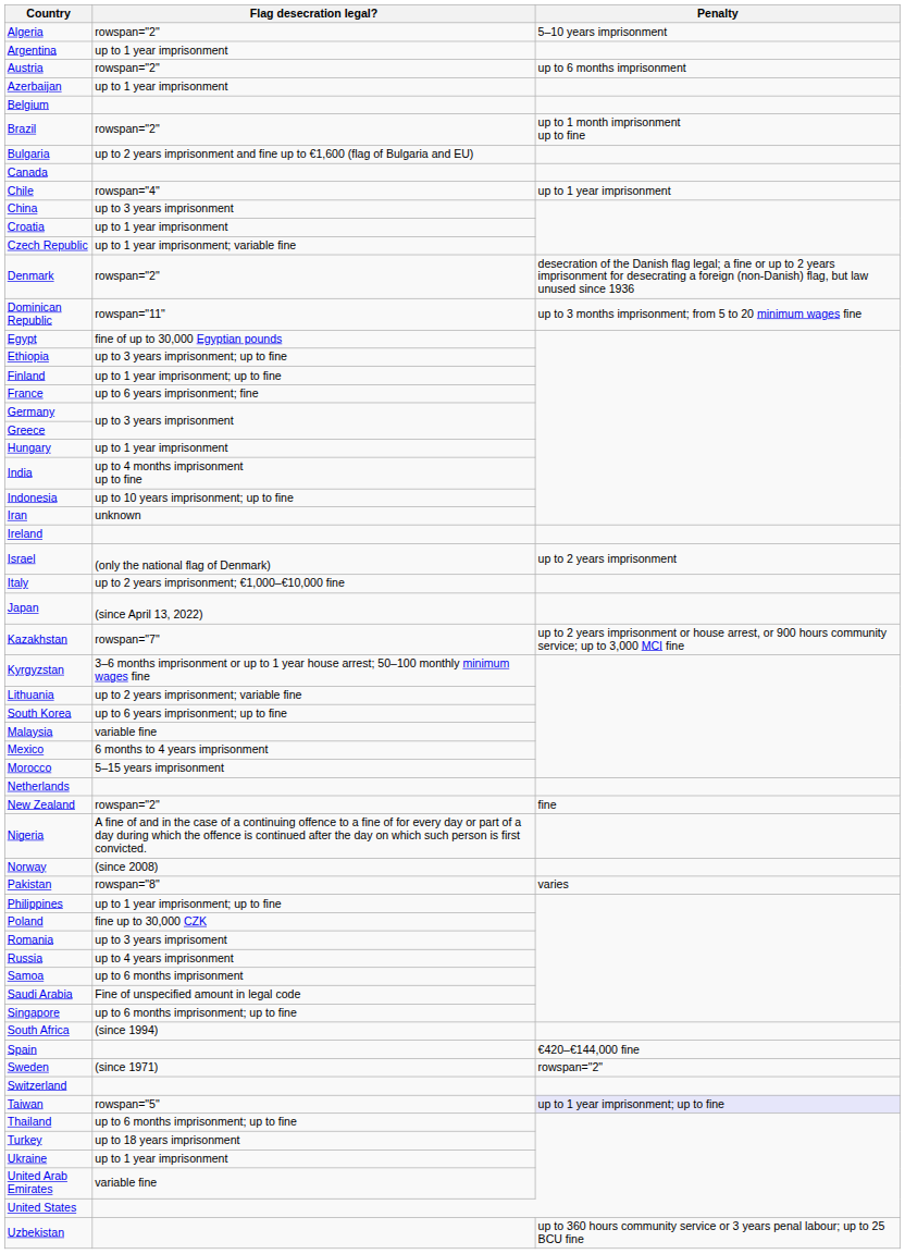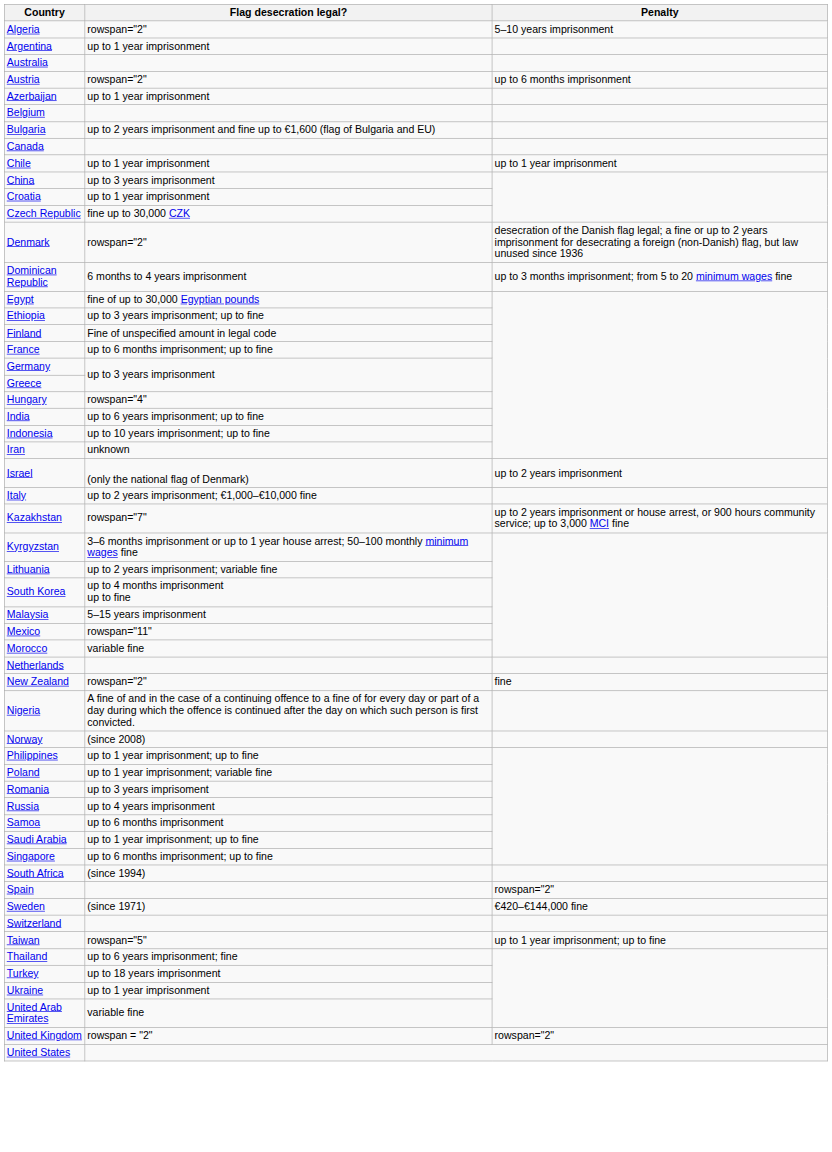 <table class="wikitable sortable">
 <tr>
 <th>Country</th>
 <th>Flag desecration legal?</th>
 <th>Penalty</th>
 </tr>
 <tr>
 <td> <a href='#'>Algeria</a></td>
 <td>rowspan="2" </td>
 <td>5–10 years imprisonment</td>
 </tr>
 <tr>
 <td> <a href='#'>Argentina</a></td>
 <td>up to 1 year imprisonment</td>
 </tr>
 <tr>
+<td> <a href='#'>Australia</a></td>
+<td></td>
+<td></td>
+</tr>
+<tr>
 <td> <a href='#'>Austria</a></td>
 <td>rowspan="2" </td>
 <td>up to 6 months imprisonment</td>
 </tr>
 <tr>
 <td> <a href='#'>Azerbaijan</a></td>
 <td>up to 1 year imprisonment</td>
 </tr>
 <tr>
 <td> <a href='#'>Belgium</a></td>
 <td></td>
 <td></td>
 </tr>
 <tr>
-<td> <a href='#'>Brazil</a></td>
-<td>rowspan="2" </td>
-<td>up to 1 month imprisonment<br>up to  fine</td>
-</tr>
-<tr>
 <td> <a href='#'>Bulgaria</a></td>
 <td>up to 2 years imprisonment and fine up to €1,600 (flag of Bulgaria and EU)</td>
 </tr>
 <tr>
 <td> <a href='#'>Canada</a></td>
 <td></td>
 <td></td>
 </tr>
 <tr>
 <td> <a href='#'>Chile</a></td>
-<td>rowspan="4" </td>
+<td>up to 1 year imprisonment</td>
 <td>up to 1 year imprisonment</td>
 </tr>
 <tr>
 <td> <a href='#'>China</a></td>
 <td>up to 3 years imprisonment</td>
 </tr>
 <tr>
 <td> <a href='#'>Croatia</a></td>
 <td>up to 1 year imprisonment</td>
 </tr>
 <tr>
 <td> <a href='#'>Czech Republic</a></td>
-<td>up to 1 year imprisonment; variable fine</td>
+<td>fine up to 30,000 <a href='#'>CZK</a></td>
 </tr>
 <tr>
 <td> <a href='#'>Denmark</a></td>
 <td>rowspan="2" </td>
 <td>desecration of the Danish flag legal; a fine or up to 2 years imprisonment for desecrating a foreign (non-Danish) flag, but law unused since 1936</td>
 </tr>
 <tr>
 <td> <a href='#'>Dominican Republic</a></td>
-<td>rowspan="11" </td>
+<td>6 months to 4 years imprisonment</td>
 <td>up to 3 months imprisonment; from 5 to 20 <a href='#'>minimum wages</a> fine</td>
 </tr>
 <tr>
 <td> <a href='#'>Egypt</a></td>
 <td>fine of up to 30,000 <a href='#'>Egyptian pounds</a></td>
 </tr>
 <tr>
 <td> <a href='#'>Ethiopia</a></td>
 <td>up to 3 years imprisonment; up to  fine</td>
 </tr>
 <tr>
 <td> <a href='#'>Finland</a></td>
-<td>up to 1 year imprisonment; up to  fine</td>
+<td>Fine of unspecified amount in legal code</td>
 </tr>
 <tr>
 <td> <a href='#'>France</a></td>
-<td>up to 6 years imprisonment;  fine</td>
+<td>up to 6 months imprisonment; up to  fine</td>
 </tr>
 <tr>
 <td> <a href='#'>Germany</a></td>
 <td rowspan="2">up to 3 years imprisonment</td>
 </tr>
 <tr>
 <td> <a href='#'>Greece</a></td>
 </tr>
 <tr>
 <td> <a href='#'>Hungary</a></td>
-<td>up to 1 year imprisonment</td>
+<td>rowspan="4" </td>
 </tr>
 <tr>
 <td> <a href='#'>India</a></td>
-<td>up to 4 months imprisonment<br>up to  fine</td>
+<td>up to 6 years imprisonment; up to  fine</td>
 </tr>
 <tr>
 <td> <a href='#'>Indonesia</a></td>
 <td>up to 10 years imprisonment; up to  fine</td>
 </tr>
 <tr>
 <td> <a href='#'>Iran</a></td>
 <td>unknown</td>
 </tr>
 <tr>
-<td> <a href='#'>Ireland</a></td>
-<td></td>
-<td></td>
-</tr>
-<tr>
 <td> <a href='#'>Israel</a></td>
 <td><br>(only the national flag of Denmark)</td>
 <td>up to 2 years imprisonment</td>
 </tr>
 <tr>
 <td> <a href='#'>Italy</a></td>
 <td>up to 2 years imprisonment; €1,000–€10,000 fine</td>
-</tr>
-<tr>
-<td> <a href='#'>Japan</a></td>
-<td><br>(since April 13, 2022)</td>
-<td></td>
 </tr>
 <tr>
 <td> <a href='#'>Kazakhstan</a></td>
 <td>rowspan="7" </td>
 <td>up to 2 years imprisonment or house arrest, or 900 hours community service; up to 3,000 <a href='#'>MCI</a> fine</td>
 </tr>
 <tr>
 <td> <a href='#'>Kyrgyzstan</a></td>
 <td>3–6 months imprisonment or up to 1 year house arrest; 50–100 monthly <a href='#'>minimum wages</a> fine</td>
 </tr>
 <tr>
 <td> <a href='#'>Lithuania</a></td>
 <td>up to 2 years imprisonment; variable fine</td>
 </tr>
 <tr>
 <td> <a href='#'>South Korea</a></td>
-<td>up to 6 years imprisonment; up to  fine</td>
+<td>up to 4 months imprisonment<br>up to  fine</td>
 </tr>
 <tr>
 <td> <a href='#'>Malaysia</a></td>
-<td>variable fine</td>
+<td>5–15 years imprisonment</td>
 </tr>
 <tr>
 <td> <a href='#'>Mexico</a></td>
-<td>6 months to 4 years imprisonment</td>
+<td>rowspan="11" </td>
 </tr>
 <tr>
 <td> <a href='#'>Morocco</a></td>
-<td>5–15 years imprisonment</td>
+<td>variable fine</td>
 </tr>
 <tr>
 <td> <a href='#'>Netherlands</a></td>
 <td></td>
 <td></td>
 </tr>
 <tr>
 <td> <a href='#'>New Zealand</a></td>
 <td>rowspan="2" </td>
 <td> fine</td>
 </tr>
 <tr>
 <td> <a href='#'>Nigeria</a></td>
 <td>A fine of  and in the case of a continuing offence to a fine of  for every day or part of a day during which the offence is continued after the day on which such person is first convicted.</td>
 </tr>
 <tr>
 <td> <a href='#'>Norway</a></td>
 <td> (since 2008)</td>
 <td></td>
 </tr>
 <tr>
-<td> <a href='#'>Pakistan</a></td>
-<td>rowspan="8" </td>
-<td>varies</td>
-</tr>
-<tr>
 <td> <a href='#'>Philippines</a></td>
 <td>up to 1 year imprisonment; up to  fine</td>
 </tr>
 <tr>
 <td> <a href='#'>Poland</a></td>
-<td>fine up to 30,000 <a href='#'>CZK</a></td>
+<td>up to 1 year imprisonment; variable fine</td>
 </tr>
 <tr>
 <td> <a href='#'>Romania</a></td>
 <td>up to 3 years imprisoment</td>
 </tr>
 <tr>
 <td> <a href='#'>Russia</a></td>
 <td>up to 4 years imprisonment</td>
 </tr>
 <tr>
 <td> <a href='#'>Samoa</a></td>
 <td>up to 6 months imprisonment</td>
 </tr>
 <tr>
 <td> <a href='#'>Saudi Arabia</a></td>
-<td>Fine of unspecified amount in legal code</td>
+<td>up to 1 year imprisonment; up to  fine</td>
 </tr>
 <tr>
 <td> <a href='#'>Singapore</a></td>
 <td>up to 6 months imprisonment; up to  fine</td>
 </tr>
 <tr>
 <td> <a href='#'>South Africa</a></td>
 <td> (since 1994)</td>
 <td></td>
 </tr>
 <tr>
 <td> <a href='#'>Spain</a></td>
 <td></td>
-<td>€420–€144,000  fine</td>
+<td>rowspan="2" </td>
 </tr>
 <tr>
 <td> <a href='#'>Sweden</a></td>
 <td> (since 1971)</td>
-<td>rowspan="2" </td>
+<td>€420–€144,000  fine</td>
 </tr>
 <tr>
 <td> <a href='#'>Switzerland</a></td>
 <td></td>
 </tr>
 <tr>
 <td> <a href='#'>Taiwan</a></td>
 <td>rowspan="5" </td>
-<td style="background: lavender;">up to 1 year imprisonment; up to  fine</td>
+<td>up to 1 year imprisonment; up to  fine</td>
 </tr>
 <tr>
 <td> <a href='#'>Thailand</a></td>
-<td>up to 6 months imprisonment; up to  fine</td>
+<td>up to 6 years imprisonment;  fine</td>
 </tr>
 <tr>
 <td> <a href='#'>Turkey</a></td>
 <td>up to 18 years imprisonment</td>
 </tr>
 <tr>
 <td> <a href='#'>Ukraine</a></td>
 <td>up to 1 year imprisonment</td>
 </tr>
 <tr>
 <td> <a href='#'>United Arab Emirates</a></td>
 <td>variable fine</td>
 </tr>
 <tr>
+<td> <a href='#'>United Kingdom</a></td>
+<td>rowspan = "2" </td>
+<td>rowspan="2" </td>
+</tr>
+<tr>
 <td> <a href='#'>United States</a></td>
 </tr>
-<tr>
-<td> <a href='#'>Uzbekistan</a></td>
-<td></td>
-<td>up to 360 hours community service or 3 years penal labour; up to 25 BCU fine</td>
-</tr>
 </table>
